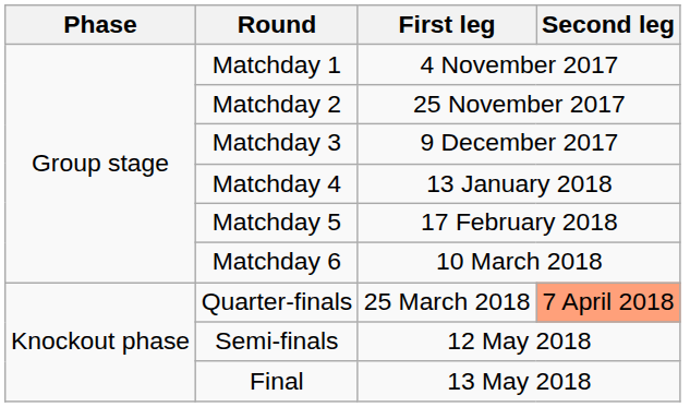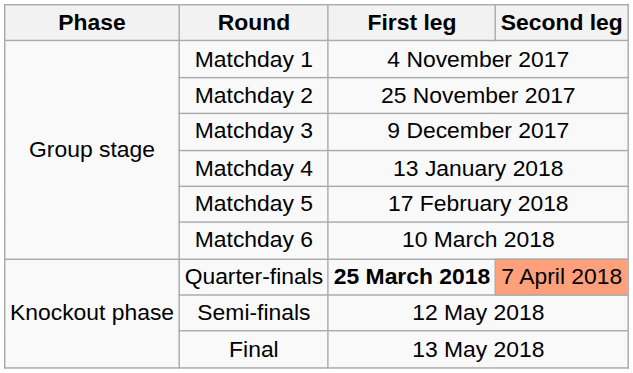 <table class="wikitable" style="text-align:center">
 <tr>
 <th>Phase</th>
 <th>Round</th>
 <th>First leg</th>
 <th>Second leg</th>
 </tr>
 <tr>
 <td rowspan=6>Group stage</td>
 <td>Matchday 1</td>
 <td colspan=2>4 November 2017</td>
 </tr>
 <tr>
 <td>Matchday 2</td>
 <td colspan=2>25 November 2017</td>
 </tr>
 <tr>
 <td>Matchday 3</td>
 <td colspan=2>9 December 2017</td>
 </tr>
 <tr>
 <td>Matchday 4</td>
 <td colspan=2>13 January 2018</td>
 </tr>
 <tr>
 <td>Matchday 5</td>
 <td colspan=2>17 February 2018</td>
 </tr>
 <tr>
 <td>Matchday 6</td>
 <td colspan=2>10 March 2018</td>
 </tr>
 <tr>
 <td rowspan=3>Knockout phase</td>
 <td>Quarter-finals</td>
-<td>25 March 2018</td>
+<td><strong>25 March 2018</strong></td>
 <td style="background: lightsalmon;">7 April 2018</td>
 </tr>
 <tr>
 <td>Semi-finals</td>
 <td colspan=2>12 May 2018</td>
 </tr>
 <tr>
 <td>Final</td>
 <td colspan=2>13 May 2018</td>
 </tr>
 </table>
